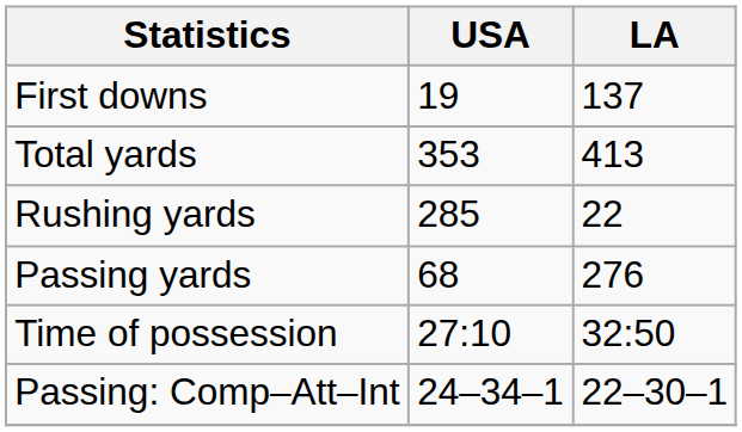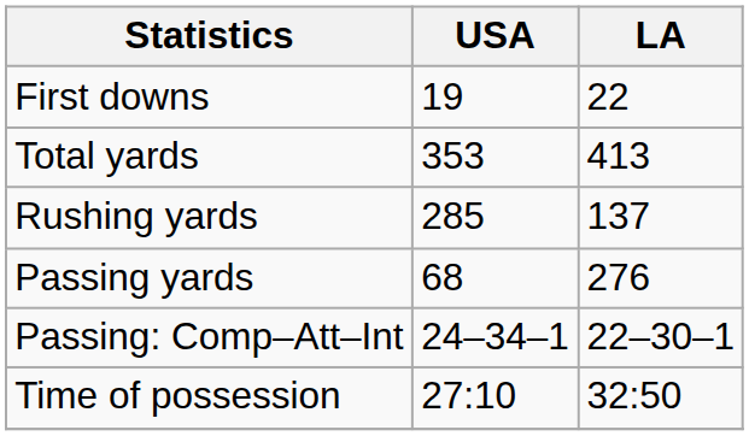 <table class="wikitable" style="float: left;">
 <tr>
 <th>Statistics</th>
 <th>USA</th>
 <th>LA</th>
 </tr>
 <tr>
 <td>First downs</td>
 <td>19</td>
-<td>137</td>
+<td>22</td>
 </tr>
 <tr>
 <td>Total yards</td>
 <td>353</td>
 <td>413</td>
 </tr>
 <tr>
 <td>Rushing yards</td>
 <td>285</td>
-<td>22</td>
+<td>137</td>
 </tr>
 <tr>
 <td>Passing yards</td>
 <td>68</td>
 <td>276</td>
 </tr>
 <tr>
+<td>Passing: Comp–Att–Int</td>
+<td>24–34–1</td>
+<td>22–30–1</td>
+</tr>
+<tr>
 <td>Time of possession</td>
 <td>27:10</td>
 <td>32:50</td>
 </tr>
 <tr>
-<td>Passing: Comp–Att–Int</td>
-<td>24–34–1</td>
-<td>22–30–1</td>
-</tr>
-<tr>
 </tr>
 </table>
